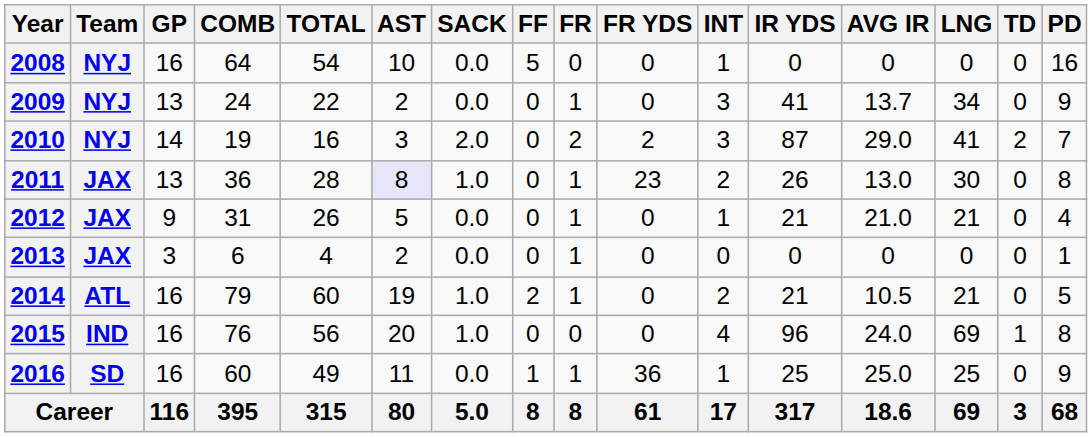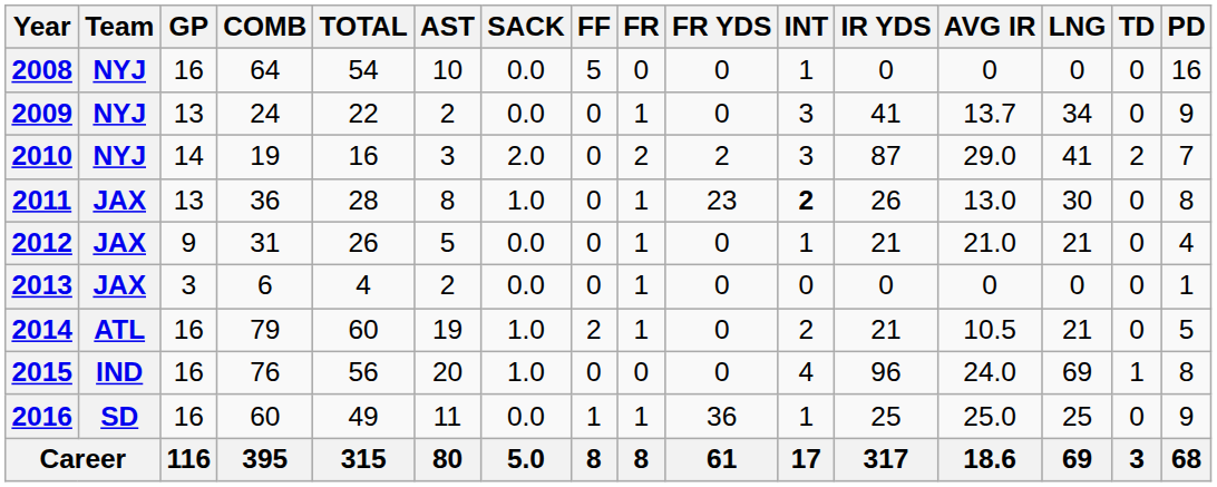 <table class="wikitable sortable" style="text-align:center">
 <tr>
 <th>Year</th>
 <th>Team</th>
 <th>GP</th>
 <th>COMB</th>
 <th>TOTAL</th>
 <th>AST</th>
 <th>SACK</th>
 <th>FF</th>
 <th>FR</th>
 <th>FR YDS</th>
 <th>INT</th>
 <th>IR YDS</th>
 <th>AVG IR</th>
 <th>LNG</th>
 <th>TD</th>
 <th>PD</th>
 </tr>
 <tr>
 <th><a href='#'>2008</a></th>
 <th><a href='#'>NYJ</a></th>
 <td>16</td>
 <td>64</td>
 <td>54</td>
 <td>10</td>
 <td>0.0</td>
 <td>5</td>
 <td>0</td>
 <td>0</td>
 <td>1</td>
 <td>0</td>
 <td>0</td>
 <td>0</td>
 <td>0</td>
 <td>16</td>
 </tr>
 <tr>
 <th><a href='#'>2009</a></th>
 <th><a href='#'>NYJ</a></th>
 <td>13</td>
 <td>24</td>
 <td>22</td>
 <td>2</td>
 <td>0.0</td>
 <td>0</td>
 <td>1</td>
 <td>0</td>
 <td>3</td>
 <td>41</td>
 <td>13.7</td>
 <td>34</td>
 <td>0</td>
 <td>9</td>
 </tr>
 <tr>
 <th><a href='#'>2010</a></th>
 <th><a href='#'>NYJ</a></th>
 <td>14</td>
 <td>19</td>
 <td>16</td>
 <td>3</td>
 <td>2.0</td>
 <td>0</td>
 <td>2</td>
 <td>2</td>
 <td>3</td>
 <td>87</td>
 <td>29.0</td>
 <td>41</td>
 <td>2</td>
 <td>7</td>
 </tr>
 <tr>
 <th><a href='#'>2011</a></th>
 <th><a href='#'>JAX</a></th>
 <td>13</td>
 <td>36</td>
 <td>28</td>
-<td style="background: lavender;">8</td>
+<td>8</td>
 <td>1.0</td>
 <td>0</td>
 <td>1</td>
 <td>23</td>
-<td>2</td>
+<td><strong>2</strong></td>
 <td>26</td>
 <td>13.0</td>
 <td>30</td>
 <td>0</td>
 <td>8</td>
 </tr>
 <tr>
 <th><a href='#'>2012</a></th>
 <th><a href='#'>JAX</a></th>
 <td>9</td>
 <td>31</td>
 <td>26</td>
 <td>5</td>
 <td>0.0</td>
 <td>0</td>
 <td>1</td>
 <td>0</td>
 <td>1</td>
 <td>21</td>
 <td>21.0</td>
 <td>21</td>
 <td>0</td>
 <td>4</td>
 </tr>
 <tr>
 <th><a href='#'>2013</a></th>
 <th><a href='#'>JAX</a></th>
 <td>3</td>
 <td>6</td>
 <td>4</td>
 <td>2</td>
 <td>0.0</td>
 <td>0</td>
 <td>1</td>
 <td>0</td>
 <td>0</td>
 <td>0</td>
 <td>0</td>
 <td>0</td>
 <td>0</td>
 <td>1</td>
 </tr>
 <tr>
 <th><a href='#'>2014</a></th>
 <th><a href='#'>ATL</a></th>
 <td>16</td>
 <td>79</td>
 <td>60</td>
 <td>19</td>
 <td>1.0</td>
 <td>2</td>
 <td>1</td>
 <td>0</td>
 <td>2</td>
 <td>21</td>
 <td>10.5</td>
 <td>21</td>
 <td>0</td>
 <td>5</td>
 </tr>
 <tr>
 <th><a href='#'>2015</a></th>
 <th><a href='#'>IND</a></th>
 <td>16</td>
 <td>76</td>
 <td>56</td>
 <td>20</td>
 <td>1.0</td>
 <td>0</td>
 <td>0</td>
 <td>0</td>
 <td>4</td>
 <td>96</td>
 <td>24.0</td>
 <td>69</td>
 <td>1</td>
 <td>8</td>
 </tr>
 <tr>
 <th><a href='#'>2016</a></th>
 <th><a href='#'>SD</a></th>
 <td>16</td>
 <td>60</td>
 <td>49</td>
 <td>11</td>
 <td>0.0</td>
 <td>1</td>
 <td>1</td>
 <td>36</td>
 <td>1</td>
 <td>25</td>
 <td>25.0</td>
 <td>25</td>
 <td>0</td>
 <td>9</td>
 </tr>
 <tr class="sortbottom">
 <th colspan="2">Career</th>
 <th>116</th>
 <th>395</th>
 <th>315</th>
 <th>80</th>
 <th>5.0</th>
 <th>8</th>
 <th>8</th>
 <th>61</th>
 <th>17</th>
 <th>317</th>
 <th>18.6</th>
 <th>69</th>
 <th>3</th>
 <th>68</th>
 </tr>
 </table>
